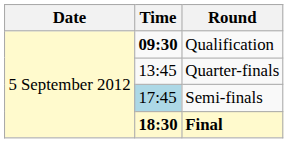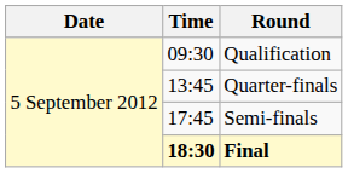 <table class="wikitable">
 <tr>
 <th>Date</th>
 <th>Time</th>
 <th>Round</th>
 </tr>
 <tr>
 <td style=background:lemonchiffon rowspan=5>5 September 2012</td>
-<td><strong>09:30</strong></td>
+<td>09:30</td>
 <td>Qualification</td>
 </tr>
 <tr>
 <td>13:45</td>
 <td>Quarter-finals</td>
 </tr>
 <tr>
-<td style="background: lightblue;">17:45</td>
+<td>17:45</td>
 <td>Semi-finals</td>
 </tr>
 <tr>
 <td style=background:lemonchiffon><strong>18:30</strong></td>
 <td style=background:lemonchiffon><strong>Final</strong></td>
 </tr>
 </table>
